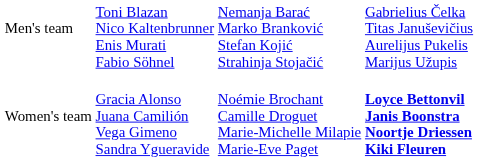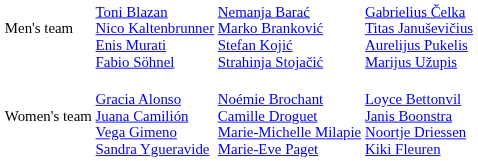 <table>
 <tr>
 <td>Men's team<br><em></td>
 <td><br><a href='#'>Toni Blazan</a><br><a href='#'>Nico Kaltenbrunner</a><br><a href='#'>Enis Murati</a><br><a href='#'>Fabio Söhnel</a></td>
 <td><br><a href='#'>Nemanja Barać</a><br><a href='#'>Marko Branković</a><br><a href='#'>Stefan Kojić</a><br><a href='#'>Strahinja Stojačić</a></td>
 <td><br><a href='#'>Gabrielius Čelka</a><br><a href='#'>Titas Januševičius</a><br><a href='#'>Aurelijus Pukelis</a><br><a href='#'>Marijus Užupis</a></td>
 </tr>
 <tr>
 <td>Women's team<br></em></td>
 <td><br><a href='#'>Gracia Alonso</a><br><a href='#'>Juana Camilión</a><br><a href='#'>Vega Gimeno</a><br><a href='#'>Sandra Ygueravide</a></td>
 <td><br><a href='#'>Noémie Brochant</a><br><a href='#'>Camille Droguet</a><br><a href='#'>Marie-Michelle Milapie</a><br><a href='#'>Marie-Eve Paget</a></td>
-<td><strong><br><a href='#'>Loyce Bettonvil</a><br><a href='#'>Janis Boonstra</a><br><a href='#'>Noortje Driessen</a><br><a href='#'>Kiki Fleuren</a></strong></td>
+<td><br><a href='#'>Loyce Bettonvil</a><br><a href='#'>Janis Boonstra</a><br><a href='#'>Noortje Driessen</a><br><a href='#'>Kiki Fleuren</a></td>
 </tr>
 </table>
